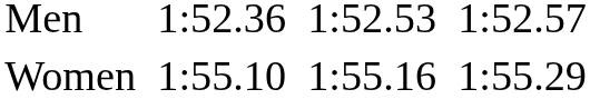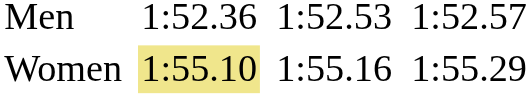 <table>
 <tr>
 <td>Men</td>
 <td></td>
 <td>1:52.36</td>
 <td></td>
 <td>1:52.53</td>
 <td></td>
 <td>1:52.57</td>
 </tr>
 <tr>
 <td>Women</td>
 <td></td>
-<td>1:55.10</td>
+<td style="background: khaki;">1:55.10</td>
 <td></td>
 <td>1:55.16</td>
 <td></td>
 <td>1:55.29</td>
 </tr>
 </table>
